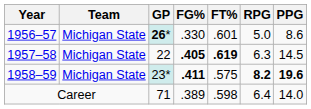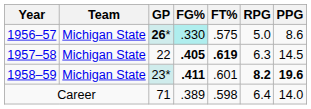 <table class="wikitable sortable" style="font-size:95%; text-align:right;">
 <tr>
 <th>Year</th>
 <th>Team</th>
 <th>GP</th>
 <th>FG%</th>
 <th>FT%</th>
 <th>RPG</th>
 <th>PPG</th>
 </tr>
 <tr>
 <td style="text-align:left;"><a href='#'>1956–57</a></td>
 <td style="text-align:left;"><a href='#'>Michigan State</a></td>
 <td style="background:#CFECEC;"><strong>26</strong>*</td>
-<td>.330</td>
-<td>.601</td>
+<td style="background: paleturquoise;">.330</td>
+<td>.575</td>
 <td>5.0</td>
 <td>8.6</td>
 </tr>
 <tr>
 <td style="text-align:left;"><a href='#'>1957–58</a></td>
 <td style="text-align:left;"><a href='#'>Michigan State</a></td>
 <td>22</td>
 <td><strong>.405</strong></td>
 <td><strong>.619</strong></td>
 <td>6.3</td>
 <td>14.5</td>
 </tr>
 <tr>
 <td style="text-align:left;"><a href='#'>1958–59</a></td>
 <td style="text-align:left;"><a href='#'>Michigan State</a></td>
 <td style="background:#CFECEC;">23*</td>
 <td><strong>.411</strong></td>
-<td>.575</td>
+<td>.601</td>
 <td><strong>8.2</strong></td>
 <td><strong>19.6</strong></td>
 </tr>
 <tr>
 <td colspan="2" style="text-align:center;">Career</td>
 <td>71</td>
 <td>.389</td>
 <td>.598</td>
 <td>6.4</td>
 <td>14.0</td>
 </tr>
 </table>
